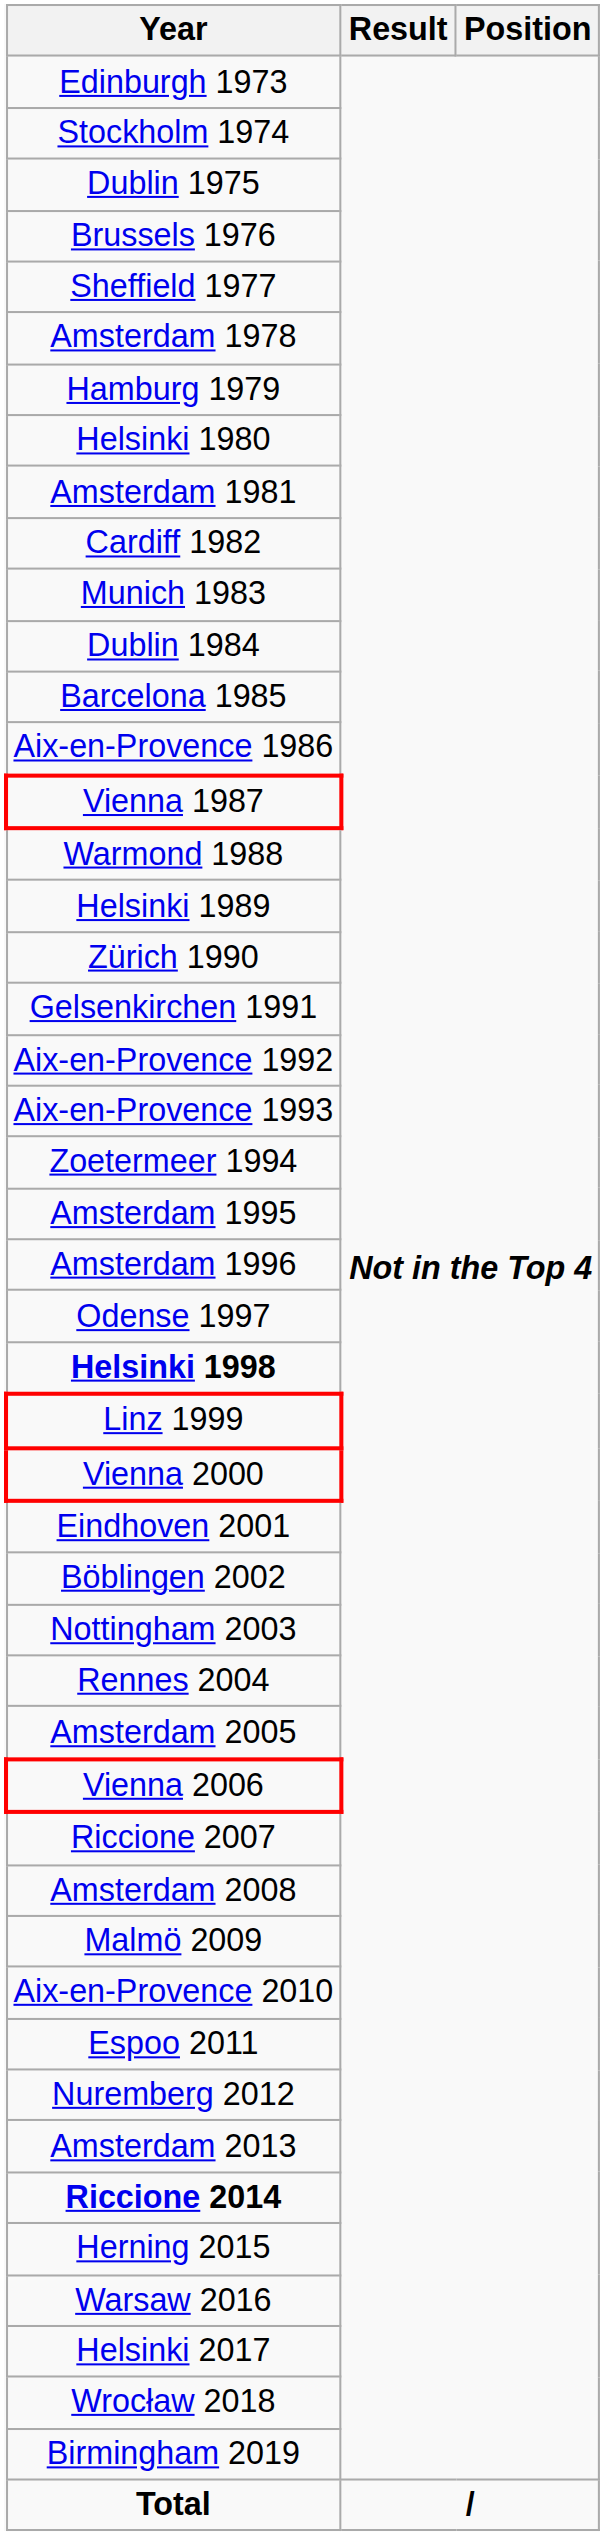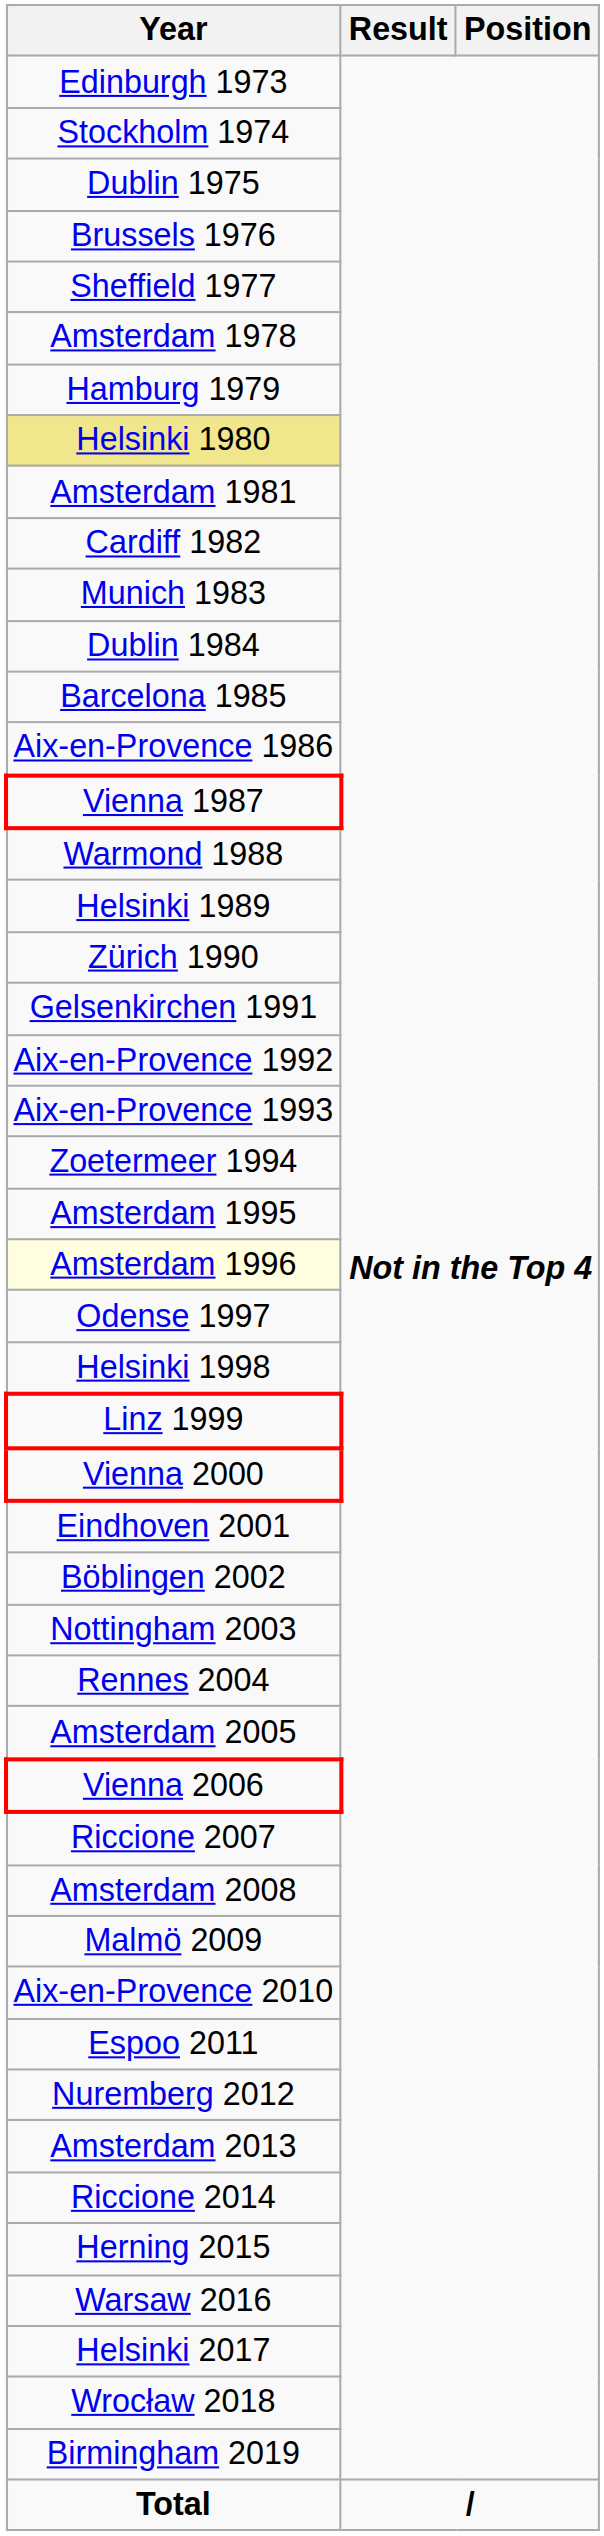 <table class="wikitable" style="text-align: center;">
 <tr>
 <th>Year</th>
 <th>Result</th>
 <th>Position</th>
 </tr>
 <tr>
 <td> <a href='#'>Edinburgh</a> 1973</td>
 <td rowspan="47" colspan="2" align="center"><strong><em>Not in the Top 4</em></strong></td>
 </tr>
 <tr>
 <td> <a href='#'>Stockholm</a> 1974</td>
 </tr>
 <tr>
 <td> <a href='#'>Dublin</a> 1975</td>
 </tr>
 <tr>
 <td> <a href='#'>Brussels</a> 1976</td>
 </tr>
 <tr>
 <td> <a href='#'>Sheffield</a> 1977</td>
 </tr>
 <tr>
 <td> <a href='#'>Amsterdam</a> 1978</td>
 </tr>
 <tr>
 <td> <a href='#'>Hamburg</a> 1979</td>
 </tr>
 <tr>
-<td> <a href='#'>Helsinki</a> 1980</td>
+<td style="background: khaki;"> <a href='#'>Helsinki</a> 1980</td>
 </tr>
 <tr>
 <td> <a href='#'>Amsterdam</a> 1981</td>
 </tr>
 <tr>
 <td> <a href='#'>Cardiff</a> 1982</td>
 </tr>
 <tr>
 <td> <a href='#'>Munich</a> 1983</td>
 </tr>
 <tr>
 <td> <a href='#'>Dublin</a> 1984</td>
 </tr>
 <tr>
 <td> <a href='#'>Barcelona</a> 1985</td>
 </tr>
 <tr>
 <td> <a href='#'>Aix-en-Provence</a> 1986</td>
 </tr>
 <tr>
 <td style="border: 2px solid red"> <a href='#'>Vienna</a> 1987</td>
 </tr>
 <tr>
 <td> <a href='#'>Warmond</a> 1988</td>
 </tr>
 <tr>
 <td> <a href='#'>Helsinki</a> 1989</td>
 </tr>
 <tr>
 <td> <a href='#'>Zürich</a> 1990</td>
 </tr>
 <tr>
 <td> <a href='#'>Gelsenkirchen</a> 1991</td>
 </tr>
 <tr>
 <td> <a href='#'>Aix-en-Provence</a> 1992</td>
 </tr>
 <tr>
 <td> <a href='#'>Aix-en-Provence</a> 1993</td>
 </tr>
 <tr>
 <td> <a href='#'>Zoetermeer</a> 1994</td>
 </tr>
 <tr>
 <td> <a href='#'>Amsterdam</a> 1995</td>
 </tr>
 <tr>
-<td> <a href='#'>Amsterdam</a> 1996</td>
+<td style="background: lightyellow;"> <a href='#'>Amsterdam</a> 1996</td>
 </tr>
 <tr>
 <td> <a href='#'>Odense</a> 1997</td>
 </tr>
 <tr>
-<td><strong> <a href='#'>Helsinki</a> 1998</strong></td>
+<td> <a href='#'>Helsinki</a> 1998</td>
 </tr>
 <tr>
 <td style="border: 2px solid red"> <a href='#'>Linz</a> 1999</td>
 </tr>
 <tr>
 <td style="border: 2px solid red"> <a href='#'>Vienna</a> 2000</td>
 </tr>
 <tr>
 <td> <a href='#'>Eindhoven</a> 2001</td>
 </tr>
 <tr>
 <td> <a href='#'>Böblingen</a> 2002</td>
 </tr>
 <tr>
 <td> <a href='#'>Nottingham</a> 2003</td>
 </tr>
 <tr>
 <td> <a href='#'>Rennes</a> 2004</td>
 </tr>
 <tr>
 <td> <a href='#'>Amsterdam</a> 2005</td>
 </tr>
 <tr>
 <td style="border: 2px solid red"> <a href='#'>Vienna</a> 2006</td>
 </tr>
 <tr>
 <td> <a href='#'>Riccione</a> 2007</td>
 </tr>
 <tr>
 <td> <a href='#'>Amsterdam</a> 2008</td>
 </tr>
 <tr>
 <td> <a href='#'>Malmö</a> 2009</td>
 </tr>
 <tr>
 <td> <a href='#'>Aix-en-Provence</a> 2010</td>
 </tr>
 <tr>
 <td> <a href='#'>Espoo</a> 2011</td>
 </tr>
 <tr>
 <td> <a href='#'>Nuremberg</a> 2012</td>
 </tr>
 <tr>
 <td> <a href='#'>Amsterdam</a> 2013</td>
 </tr>
 <tr>
-<td><strong> <a href='#'>Riccione</a> 2014</strong></td>
+<td> <a href='#'>Riccione</a> 2014</td>
 </tr>
 <tr>
 <td> <a href='#'>Herning</a> 2015</td>
 </tr>
 <tr>
 <td> <a href='#'>Warsaw</a> 2016</td>
 </tr>
 <tr>
 <td> <a href='#'>Helsinki</a> 2017</td>
 </tr>
 <tr>
 <td> <a href='#'>Wrocław</a> 2018</td>
 </tr>
 <tr>
 <td> <a href='#'>Birmingham</a> 2019</td>
 </tr>
 <tr>
 <td><strong>Total</strong></td>
 <td rowspan="1" colspan="2" align="center"><strong>/</strong></td>
 </tr>
 </table>
